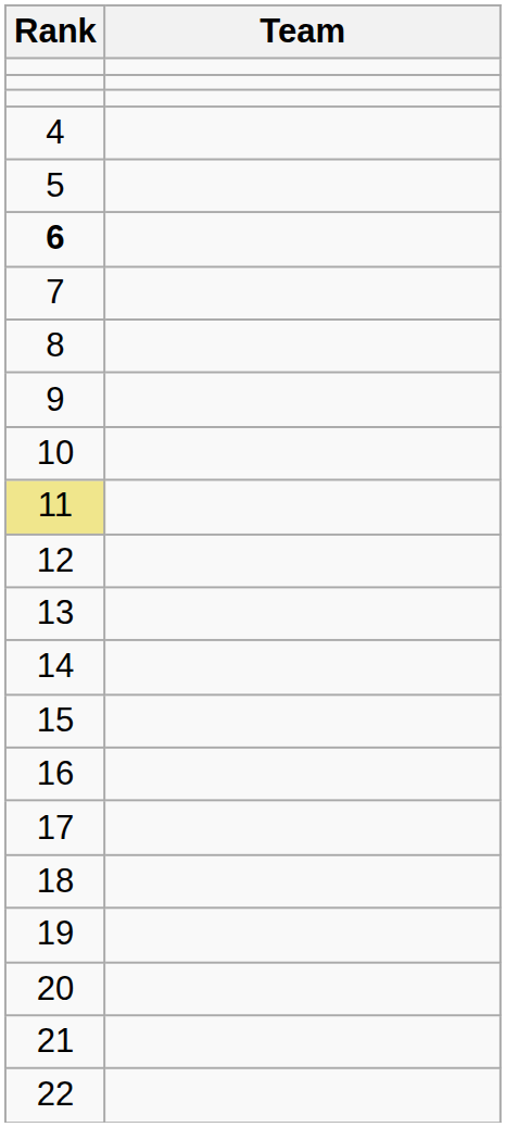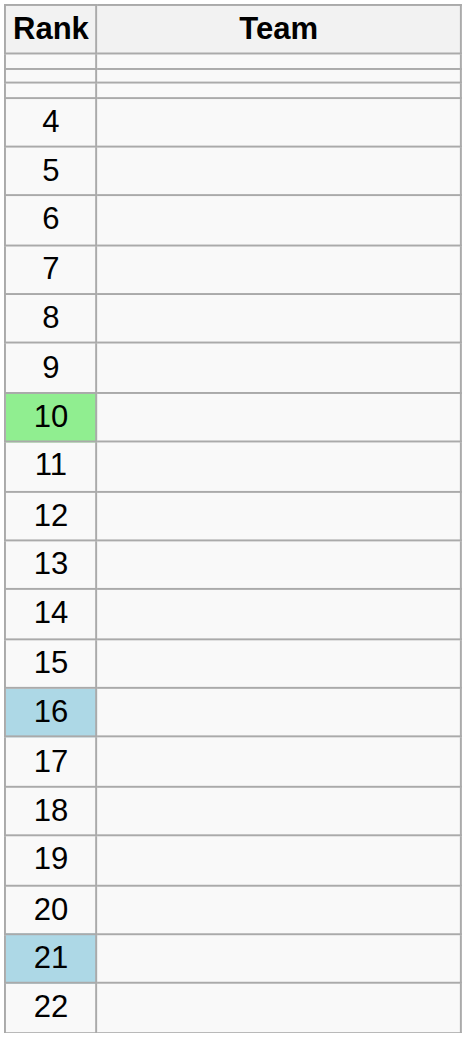 <table class="wikitable" style="text-align: center;">
 <tr>
 <th width=40>Rank</th>
 <th width=180>Team</th>
 </tr>
 <tr>
 <td></td>
 <td align=left></td>
 </tr>
 <tr>
 <td></td>
 <td align=left></td>
 </tr>
 <tr>
 <td></td>
 <td align=left></td>
 </tr>
 <tr>
 <td>4</td>
 <td align=left></td>
 </tr>
 <tr>
 <td>5</td>
 <td align=left></td>
 </tr>
 <tr>
-<td><strong>6</strong></td>
+<td>6</td>
 <td align=left></td>
 </tr>
 <tr>
 <td>7</td>
 <td align=left></td>
 </tr>
 <tr>
 <td>8</td>
 <td align=left></td>
 </tr>
 <tr>
 <td>9</td>
 <td align=left></td>
 </tr>
 <tr>
-<td>10</td>
+<td style="background: lightgreen;">10</td>
 <td align=left></td>
 </tr>
 <tr>
-<td style="background: khaki;">11</td>
+<td>11</td>
 <td align=left></td>
 </tr>
 <tr>
 <td>12</td>
 <td align=left></td>
 </tr>
 <tr>
 <td>13</td>
 <td align=left></td>
 </tr>
 <tr>
 <td>14</td>
 <td align=left></td>
 </tr>
 <tr>
 <td>15</td>
 <td align=left></td>
 </tr>
 <tr>
-<td>16</td>
+<td style="background: lightblue;">16</td>
 <td align=left></td>
 </tr>
 <tr>
 <td>17</td>
 <td align=left></td>
 </tr>
 <tr>
 <td>18</td>
 <td align=left></td>
 </tr>
 <tr>
 <td>19</td>
 <td align=left></td>
 </tr>
 <tr>
 <td>20</td>
 <td align=left></td>
 </tr>
 <tr>
-<td>21</td>
+<td style="background: lightblue;">21</td>
 <td align=left></td>
 </tr>
 <tr>
 <td>22</td>
 <td align=left></td>
 </tr>
 </table>
